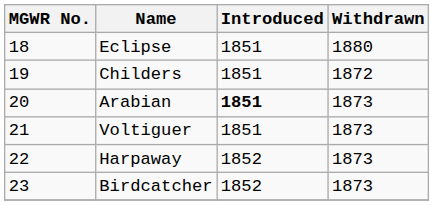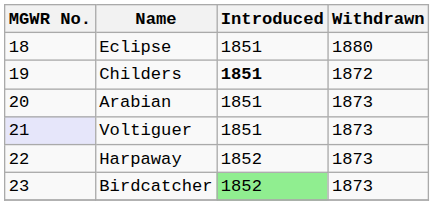 <table class="wikitable">
 <tr>
 <th>MGWR No.</th>
 <th>Name</th>
 <th>Introduced</th>
 <th>Withdrawn</th>
 </tr>
 <tr>
 <td>18</td>
 <td>Eclipse</td>
 <td>1851</td>
 <td>1880</td>
 </tr>
 <tr>
 <td>19</td>
 <td>Childers</td>
-<td>1851</td>
+<td><strong>1851</strong></td>
 <td>1872</td>
 </tr>
 <tr>
 <td>20</td>
 <td>Arabian</td>
-<td><strong>1851</strong></td>
+<td>1851</td>
 <td>1873</td>
 </tr>
 <tr>
-<td>21</td>
+<td style="background: lavender;">21</td>
 <td>Voltiguer</td>
 <td>1851</td>
 <td>1873</td>
 </tr>
 <tr>
 <td>22</td>
 <td>Harpaway</td>
 <td>1852</td>
 <td>1873</td>
 </tr>
 <tr>
 <td>23</td>
 <td>Birdcatcher</td>
-<td>1852</td>
+<td style="background: lightgreen;">1852</td>
 <td>1873</td>
 </tr>
 <tr>
 </tr>
 </table>
